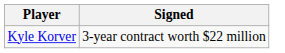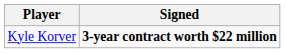 <table class="wikitable sortable sortable">
 <tr>
 <th>Player</th>
 <th>Signed</th>
 </tr>
 <tr style="text-align: center">
 <td><a href='#'>Kyle Korver</a></td>
-<td>3-year contract worth $22 million</td>
+<td><strong>3-year contract worth $22 million</strong></td>
 </tr>
 </table>
